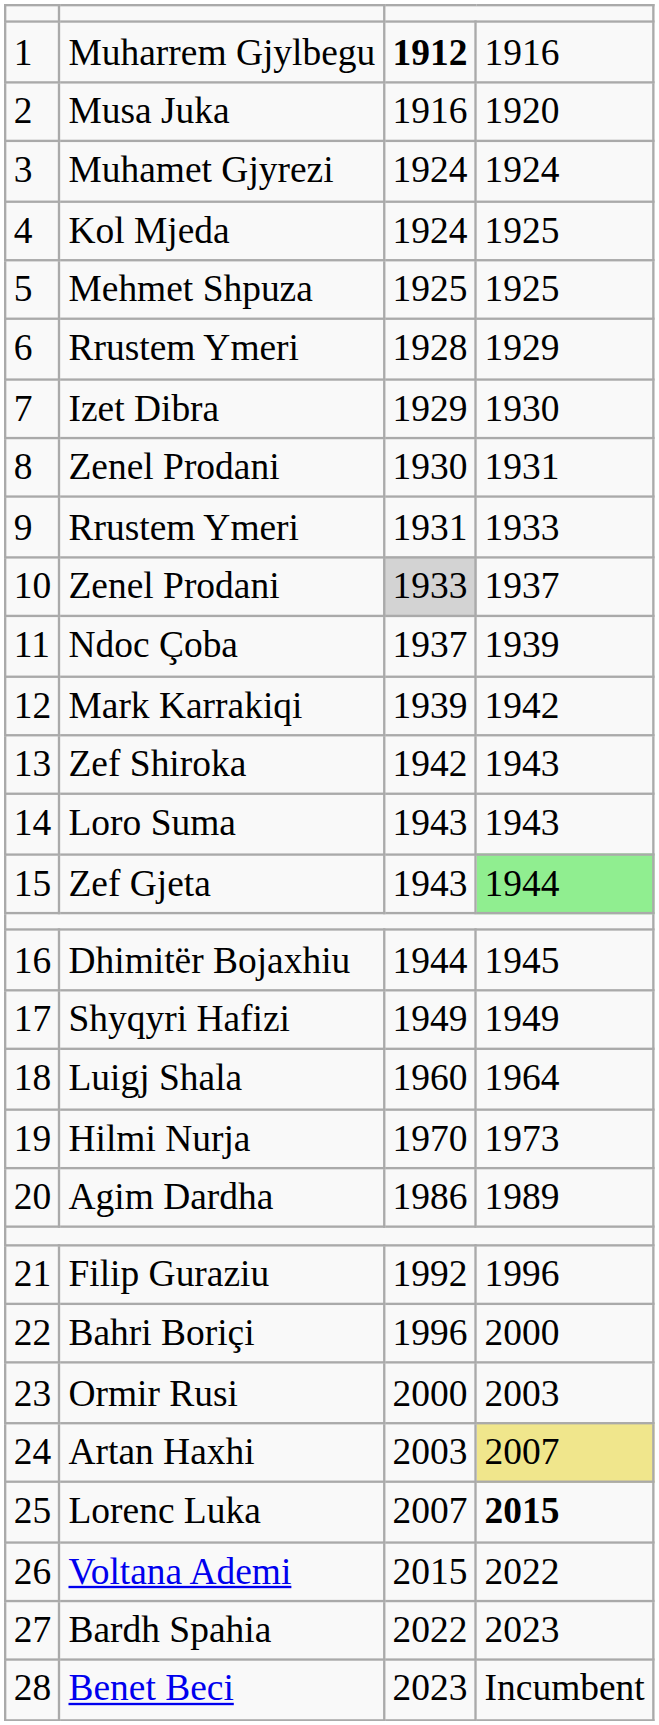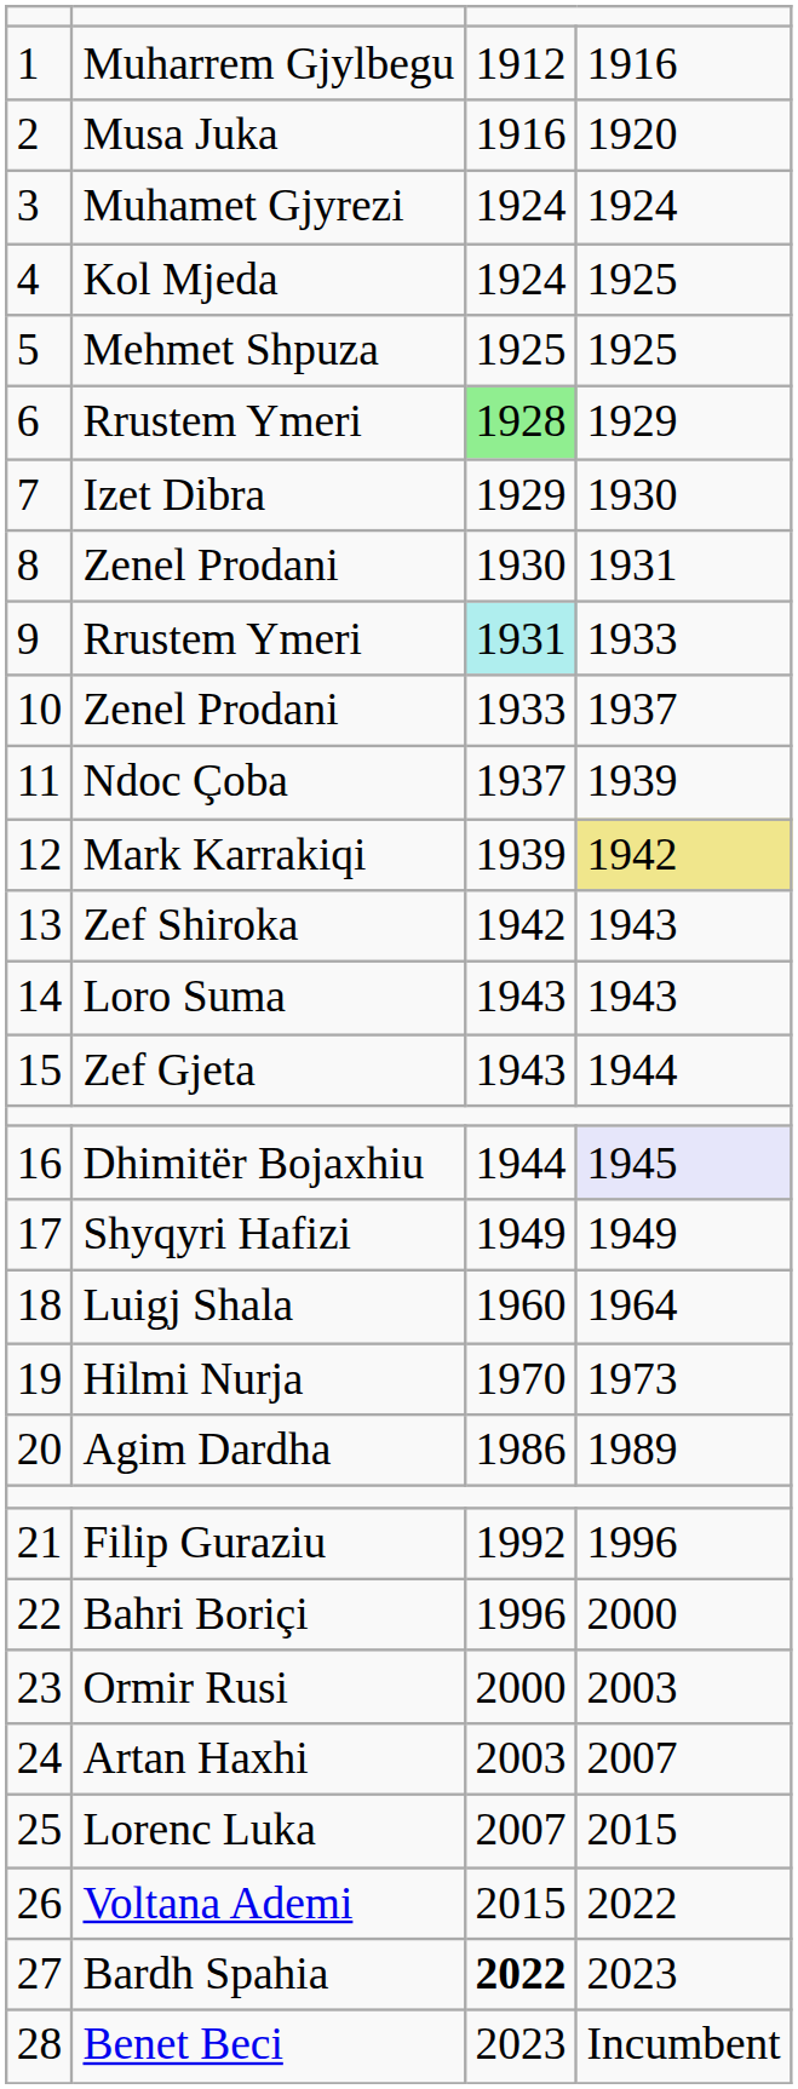 <table class="wikitable sortable">
 <tr>
 <td><strong></strong></td>
 <td><strong></strong></td>
 <td colspan="2"><strong></strong></td>
 </tr>
 <tr>
 <td>1</td>
 <td>Muharrem Gjylbegu</td>
-<td><strong>1912</strong></td>
+<td>1912</td>
 <td>1916</td>
 </tr>
 <tr>
 <td>2</td>
 <td>Musa Juka</td>
 <td>1916</td>
 <td>1920</td>
 </tr>
 <tr>
 <td>3</td>
 <td>Muhamet Gjyrezi</td>
 <td>1924</td>
 <td>1924</td>
 </tr>
 <tr>
 <td>4</td>
 <td>Kol Mjeda</td>
 <td>1924</td>
 <td>1925</td>
 </tr>
 <tr>
 <td>5</td>
 <td>Mehmet Shpuza</td>
 <td>1925</td>
 <td>1925</td>
 </tr>
 <tr>
 <td>6</td>
 <td>Rrustem Ymeri</td>
-<td>1928</td>
+<td style="background: lightgreen;">1928</td>
 <td>1929</td>
 </tr>
 <tr>
 <td>7</td>
 <td>Izet Dibra</td>
 <td>1929</td>
 <td>1930</td>
 </tr>
 <tr>
 <td>8</td>
 <td>Zenel Prodani</td>
 <td>1930</td>
 <td>1931</td>
 </tr>
 <tr>
 <td>9</td>
 <td>Rrustem Ymeri</td>
-<td>1931</td>
+<td style="background: paleturquoise;">1931</td>
 <td>1933</td>
 </tr>
 <tr>
 <td>10</td>
 <td>Zenel Prodani</td>
-<td style="background: lightgrey;">1933</td>
+<td>1933</td>
 <td>1937</td>
 </tr>
 <tr>
 <td>11</td>
 <td>Ndoc Çoba</td>
 <td>1937</td>
 <td>1939</td>
 </tr>
 <tr>
 <td>12</td>
 <td>Mark Karrakiqi</td>
 <td>1939</td>
-<td>1942</td>
+<td style="background: khaki;">1942</td>
 </tr>
 <tr>
 <td>13</td>
 <td>Zef Shiroka</td>
 <td>1942</td>
 <td>1943</td>
 </tr>
 <tr>
 <td>14</td>
 <td>Loro Suma</td>
 <td>1943</td>
 <td>1943</td>
 </tr>
 <tr>
 <td>15</td>
 <td>Zef Gjeta</td>
 <td>1943</td>
-<td style="background: lightgreen;">1944</td>
+<td>1944</td>
 </tr>
 <tr>
 <td colspan="8" align=center></td>
 </tr>
 <tr>
 <td>16</td>
 <td>Dhimitër Bojaxhiu</td>
 <td>1944</td>
-<td>1945</td>
+<td style="background: lavender;">1945</td>
 </tr>
 <tr>
 <td>17</td>
 <td>Shyqyri Hafizi</td>
 <td>1949</td>
 <td>1949</td>
 </tr>
 <tr>
 <td>18</td>
 <td>Luigj Shala</td>
 <td>1960</td>
 <td>1964</td>
 </tr>
 <tr>
 <td>19</td>
 <td>Hilmi Nurja</td>
 <td>1970</td>
 <td>1973</td>
 </tr>
 <tr>
 <td>20</td>
 <td>Agim Dardha</td>
 <td>1986</td>
 <td>1989</td>
 </tr>
 <tr>
 <td colspan="8" align=center></td>
 </tr>
 <tr>
 <td>21</td>
 <td>Filip Guraziu</td>
 <td>1992</td>
 <td>1996</td>
 </tr>
 <tr>
 <td>22</td>
 <td>Bahri Boriçi</td>
 <td>1996</td>
 <td>2000</td>
 </tr>
 <tr>
 <td>23</td>
 <td>Ormir Rusi</td>
 <td>2000</td>
 <td>2003</td>
 </tr>
 <tr>
 <td>24</td>
 <td>Artan Haxhi</td>
 <td>2003</td>
-<td style="background: khaki;">2007</td>
+<td>2007</td>
 </tr>
 <tr>
 <td>25</td>
 <td>Lorenc Luka</td>
 <td>2007</td>
-<td><strong>2015</strong></td>
+<td>2015</td>
 </tr>
 <tr>
 <td>26</td>
 <td><a href='#'>Voltana Ademi</a></td>
 <td>2015</td>
 <td>2022</td>
 </tr>
 <tr>
 <td>27</td>
 <td>Bardh Spahia</td>
-<td>2022</td>
+<td><strong>2022</strong></td>
 <td>2023</td>
 </tr>
 <tr>
 <td>28</td>
 <td><a href='#'>Benet Beci</a></td>
 <td>2023</td>
 <td>Incumbent</td>
 </tr>
 </table>
